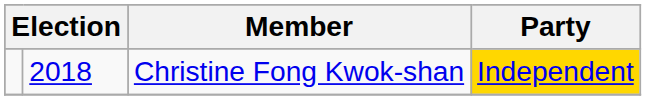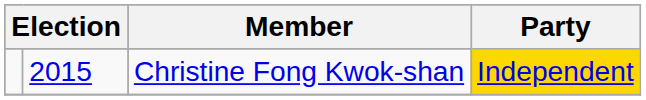 <table class="wikitable">
 <tr>
 <th colspan="2">Election</th>
 <th>Member</th>
 <th>Party</th>
 </tr>
 <tr>
 <td style="background-color:"></td>
-<td><a href='#'>2018</a></td>
+<td><a href='#'>2015</a></td>
 <td><a href='#'>Christine Fong Kwok-shan</a></td>
 <td style="background: gold;"><a href='#'>Independent</a></td>
 </tr>
 <tr>
 </tr>
 </table>
